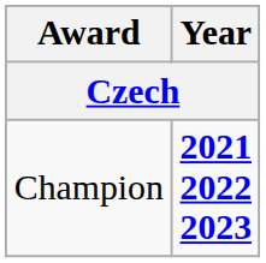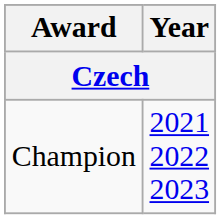 <table class="wikitable">
 <tr>
 <th>Award</th>
 <th>Year</th>
 </tr>
 <tr>
 <th colspan="2"><a href='#'>Czech</a></th>
 </tr>
 <tr>
 <td>Champion</td>
-<td><strong><a href='#'>2021</a><br><a href='#'>2022</a><br> <a href='#'>2023</a></strong></td>
+<td><a href='#'>2021</a><br><a href='#'>2022</a><br> <a href='#'>2023</a></td>
 </tr>
 </table>
